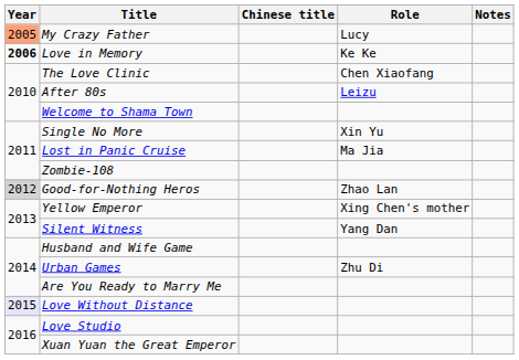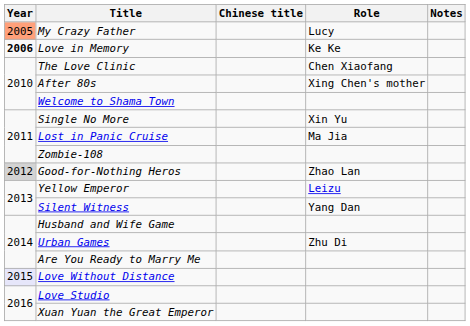 <table class="wikitable">
 <tr>
 <th>Year</th>
 <th>Title</th>
 <th>Chinese title</th>
 <th>Role</th>
 <th>Notes</th>
 </tr>
 <tr>
 <td style="background: lightsalmon;">2005</td>
 <td><em>My Crazy Father</em></td>
 <td></td>
 <td>Lucy</td>
 <td></td>
 </tr>
 <tr>
 <td><strong>2006</strong></td>
 <td><em>Love in Memory</em></td>
 <td></td>
 <td>Ke Ke</td>
 <td></td>
 </tr>
 <tr>
 <td rowspan="3">2010</td>
 <td><em>The Love Clinic</em></td>
 <td></td>
 <td>Chen Xiaofang</td>
 <td></td>
 </tr>
 <tr>
 <td><em>After 80s</em></td>
 <td></td>
-<td><a href='#'>Leizu</a></td>
+<td>Xing Chen's mother</td>
 <td></td>
 </tr>
 <tr>
 <td><em><a href='#'>Welcome to Shama Town</a></em></td>
 <td></td>
 <td></td>
 <td></td>
 </tr>
 <tr>
 <td rowspan="3">2011</td>
 <td><em>Single No More</em></td>
 <td></td>
 <td>Xin Yu</td>
 <td></td>
 </tr>
 <tr>
 <td><em><a href='#'>Lost in Panic Cruise</a></em></td>
 <td></td>
 <td>Ma Jia</td>
 <td></td>
 </tr>
 <tr>
 <td><em>Zombie-108</em></td>
 <td></td>
 <td></td>
 <td></td>
 </tr>
 <tr>
 <td style="background: lightgrey;">2012</td>
 <td><em>Good-for-Nothing Heros</em></td>
 <td></td>
 <td>Zhao Lan</td>
 <td></td>
 </tr>
 <tr>
 <td rowspan="2">2013</td>
 <td><em>Yellow Emperor</em></td>
 <td></td>
-<td>Xing Chen's mother</td>
+<td><a href='#'>Leizu</a></td>
 <td></td>
 </tr>
 <tr>
 <td><em><a href='#'>Silent Witness</a></em></td>
 <td></td>
 <td>Yang Dan</td>
 <td></td>
 </tr>
 <tr>
 <td rowspan=3>2014</td>
 <td><em>Husband and Wife Game</em></td>
 <td></td>
 <td></td>
 <td></td>
 </tr>
 <tr>
 <td><em><a href='#'>Urban Games</a></em></td>
 <td></td>
 <td>Zhu Di</td>
 <td></td>
 </tr>
 <tr>
 <td><em>Are You Ready to Marry Me</em></td>
 <td></td>
 <td></td>
 <td></td>
 </tr>
 <tr>
 <td style="background: lavender;">2015</td>
 <td><em><a href='#'>Love Without Distance</a></em></td>
 <td></td>
 <td></td>
 <td></td>
 </tr>
 <tr>
 <td rowspan=2>2016</td>
 <td><em><a href='#'>Love Studio</a></em></td>
 <td></td>
 <td></td>
 <td></td>
 </tr>
 <tr>
 <td><em>Xuan Yuan the Great Emperor</em></td>
 <td></td>
 <td></td>
 <td></td>
 </tr>
 </table>
